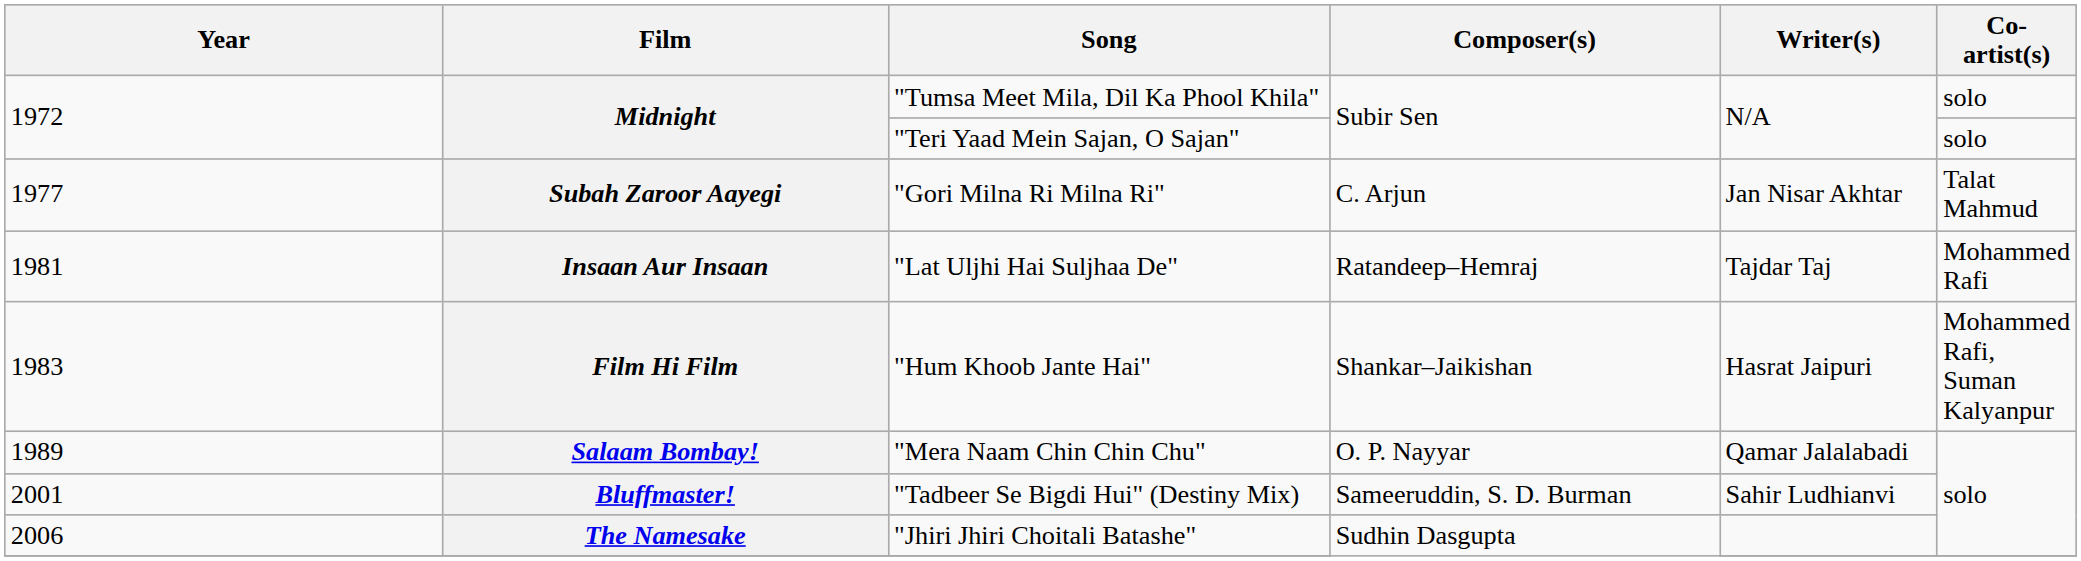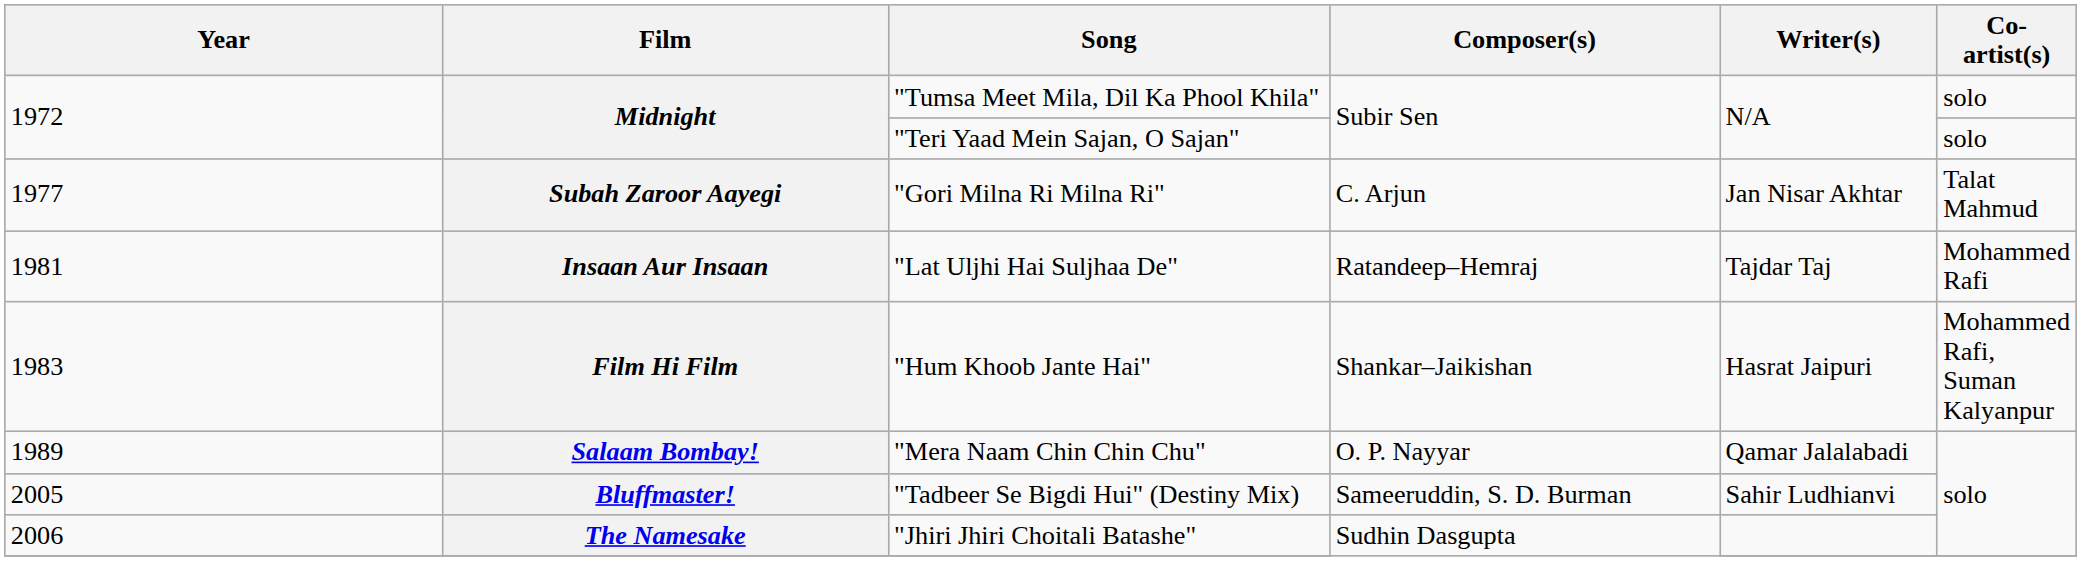 <table class="wikitable plainrowheaders" width="100%" textcolor:#000;">
 <tr style="background:#b0e0e66;">
 <th scope="col" width=23%><strong>Year</strong></th>
 <th scope="col" width=23%><strong>Film</strong></th>
 <th scope="col" width=23%><strong>Song</strong></th>
 <th scope="col" width=20%><strong>Composer(s)</strong></th>
 <th scope="col" width=16%><strong>Writer(s)</strong></th>
 <th scope="col" width=18%><strong>Co-artist(s)</strong></th>
 </tr>
 <tr>
 <td rowspan=2>1972</td>
 <th rowspan=2><em>Midnight</em></th>
 <td>"Tumsa Meet Mila, Dil Ka Phool Khila"</td>
 <td rowspan=2>Subir Sen</td>
 <td rowspan=2>N/A</td>
 <td>solo</td>
 </tr>
 <tr>
 <td>"Teri Yaad Mein Sajan, O Sajan"</td>
 <td>solo</td>
 </tr>
 <tr>
 <td>1977</td>
 <th><em>Subah Zaroor Aayegi</em></th>
 <td>"Gori Milna Ri Milna Ri"</td>
 <td>C. Arjun</td>
 <td>Jan Nisar Akhtar</td>
 <td>Talat Mahmud</td>
 </tr>
 <tr>
 <td>1981</td>
 <th><em>Insaan Aur Insaan</em></th>
 <td>"Lat Uljhi Hai Suljhaa De"</td>
 <td>Ratandeep–Hemraj</td>
 <td>Tajdar Taj</td>
 <td>Mohammed Rafi</td>
 </tr>
 <tr>
 <td>1983</td>
 <th><em>Film Hi Film</em></th>
 <td>"Hum Khoob Jante Hai"</td>
 <td>Shankar–Jaikishan</td>
 <td>Hasrat Jaipuri</td>
 <td>Mohammed Rafi, Suman Kalyanpur</td>
 </tr>
 <tr>
 <td>1989</td>
 <th><em><a href='#'>Salaam Bombay!</a></em></th>
 <td>"Mera Naam Chin Chin Chu"</td>
 <td>O. P. Nayyar</td>
 <td>Qamar Jalalabadi</td>
 <td rowspan=3>solo</td>
 </tr>
 <tr>
-<td>2001</td>
+<td>2005</td>
 <th><em><a href='#'>Bluffmaster!</a></em></th>
 <td>"Tadbeer Se Bigdi Hui" (Destiny Mix)</td>
 <td>Sameeruddin, S. D. Burman</td>
 <td>Sahir Ludhianvi</td>
 </tr>
 <tr>
 <td>2006</td>
 <th><em><a href='#'>The Namesake</a></em></th>
 <td>"Jhiri Jhiri Choitali Batashe"</td>
 <td rowspan=2>Sudhin Dasgupta</td>
 <td></td>
 </tr>
 <tr>
 </tr>
 </table>
